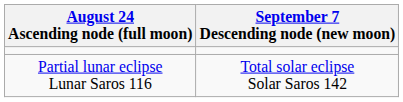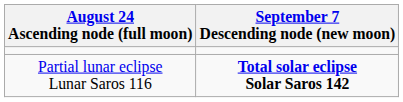 <table class="wikitable">
 <tr>
 <th><a href='#'>August 24</a><br>Ascending node (full moon)<br></th>
 <th><a href='#'>September 7</a><br>Descending node (new moon)<br></th>
 </tr>
 <tr>
 <td></td>
 <td></td>
 </tr>
 <tr align=center>
 <td><a href='#'>Partial lunar eclipse</a><br>Lunar Saros 116</td>
-<td><a href='#'>Total solar eclipse</a><br>Solar Saros 142</td>
+<td><strong><a href='#'>Total solar eclipse</a><br>Solar Saros 142</strong></td>
 </tr>
 </table>
